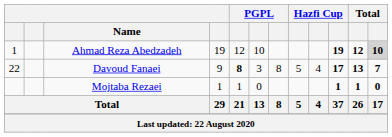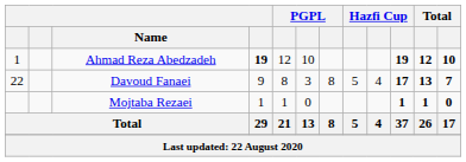 <table class="wikitable sortable" style="text-align:center; font-size:95%;">
 <tr>
 <th colspan="4"></th>
 <th colspan="3"><a href='#'>PGPL</a></th>
 <th colspan="3"><a href='#'>Hazfi Cup</a></th>
 <th colspan="3">Total</th>
 </tr>
 <tr>
 <th width=20></th>
 <th width=20></th>
 <th width=220>Name</th>
 <th width=20></th>
 <th width=20></th>
 <th width=20></th>
 <th width=20></th>
 <th width=20></th>
 <th width=20></th>
 <th width=20></th>
 <th width=20></th>
 <th width=20></th>
 </tr>
 <tr>
 <td>1</td>
 <td></td>
 <td><a href='#'>Ahmad Reza Abedzadeh</a></td>
-<td>19</td>
+<td><strong>19</strong></td>
 <td>12</td>
 <td>10</td>
 <td></td>
 <td></td>
 <td></td>
 <td><strong>19</strong></td>
 <td><strong>12</strong></td>
-<td style="background: lightgrey;"><strong>10</strong></td>
+<td><strong>10</strong></td>
 </tr>
 <tr>
 <td>22</td>
 <td></td>
 <td><a href='#'>Davoud Fanaei</a></td>
 <td>9</td>
-<td><strong>8</strong></td>
+<td>8</td>
 <td>3</td>
 <td>8</td>
 <td>5</td>
 <td>4</td>
 <td><strong>17</strong></td>
 <td><strong>13</strong></td>
 <td><strong>7</strong></td>
 </tr>
 <tr>
 <td></td>
 <td></td>
 <td><a href='#'>Mojtaba Rezaei</a></td>
 <td>1</td>
 <td>1</td>
 <td>0</td>
 <td></td>
 <td></td>
 <td></td>
 <td><strong>1</strong></td>
 <td><strong>1</strong></td>
 <td><strong>0</strong></td>
 </tr>
 <tr>
 <th colspan="3">Total</th>
 <th>29</th>
 <th>21</th>
 <th>13</th>
 <th>8</th>
 <th>5</th>
 <th>4</th>
 <th>37</th>
 <th>26</th>
 <th>17</th>
 </tr>
 <tr>
 </tr>
 <tr align=left style="background:#DCDCDC">
 <th colspan="19"><small>Last updated: 22 August 2020</small></th>
 </tr>
 </table>
